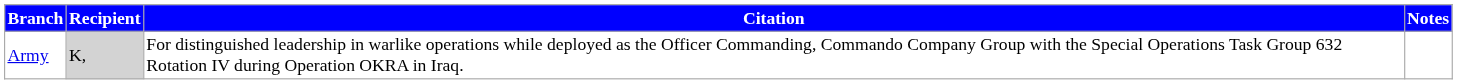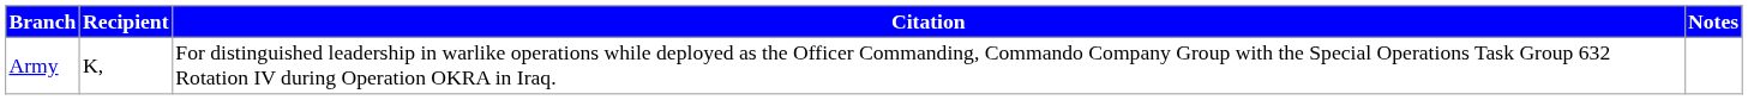 <table border="2" cellpadding="2" cellspacing="0" style="margin: 1em 1em 1em 0; border: 1px #aaa solid; font-size:95%; border-collapse: collapse;">
 <tr style="background: blue; color: white">
 <th>Branch</th>
 <th>Recipient</th>
 <th>Citation</th>
 <th>Notes</th>
 </tr>
 <tr>
 <td><a href='#'>Army</a></td>
-<td style="background: lightgrey;"> K, </td>
+<td> K, </td>
 <td>For distinguished leadership in warlike operations while deployed as the Officer Commanding, Commando Company Group with the Special Operations Task Group 632 Rotation IV during Operation OKRA in Iraq.</td>
 <td rowspan=3></td>
 </tr>
 </table>
